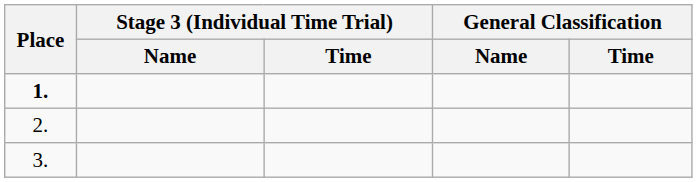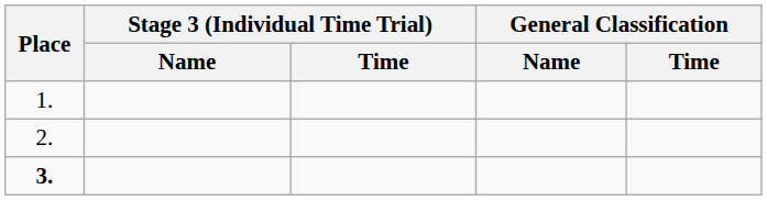 <table class=wikitable style="font-size:95%" width="80%">
 <tr>
 <th rowspan="2">Place</th>
 <th colspan="2">Stage 3 (Individual Time Trial)</th>
 <th colspan="2">General Classification</th>
 </tr>
 <tr>
 <th>Name</th>
 <th>Time</th>
 <th>Name</th>
 <th>Time</th>
 </tr>
 <tr>
-<td align="center"><strong>1.</strong></td>
+<td align="center">1.</td>
 <td></td>
 <td></td>
 <td></td>
 <td></td>
 </tr>
 <tr>
 <td align="center">2.</td>
 <td></td>
 <td></td>
 <td></td>
 <td></td>
 </tr>
 <tr>
-<td align="center">3.</td>
+<td align="center"><strong>3.</strong></td>
 <td></td>
 <td></td>
 <td></td>
 <td></td>
 </tr>
 </table>
